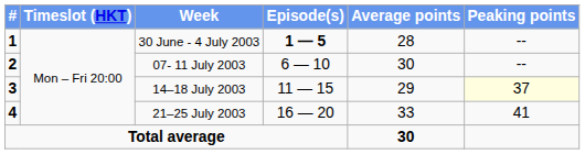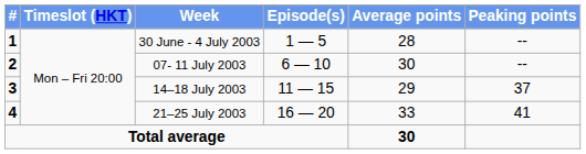 <table class="wikitable" style="text-align:center;">
 <tr style="background:cornflowerblue; color:white" align="center">
 </tr>
 <tr>
 <th style="background:cornflowerblue; color:white" align="center">#</th>
 <th style="background:cornflowerblue; color:white" align="center">Timeslot (<a href='#'>HKT</a>)</th>
 <th style="background:cornflowerblue; color:white" align="center">Week</th>
 <th style="background:cornflowerblue; color:white" align="center">Episode(s)</th>
 <th style="background:cornflowerblue; color:white" align="center">Average points</th>
 <th style="background:cornflowerblue; color:white" align="center">Peaking points</th>
 </tr>
 <tr>
 <td><strong>1</strong></td>
 <td rowspan="4"><small>Mon – Fri 20:00</small></td>
 <td><small>30 June - 4 July 2003</small></td>
-<td><strong>1 — 5</strong></td>
+<td>1 — 5</td>
 <td>28</td>
 <td>--</td>
 </tr>
 <tr>
 <td><strong>2</strong></td>
 <td><small>07- 11 July 2003</small></td>
 <td>6 — 10</td>
 <td>30</td>
 <td>--</td>
 </tr>
 <tr>
 <td><strong>3</strong></td>
 <td><small>14–18 July 2003</small></td>
 <td>11 — 15</td>
 <td>29</td>
-<td style="background: lightyellow;">37</td>
+<td>37</td>
 </tr>
 <tr>
 <td><strong>4</strong></td>
 <td><small>21–25 July 2003</small></td>
 <td>16 — 20</td>
 <td>33</td>
 <td>41</td>
 </tr>
 <tr>
 <td colspan="4"><strong>Total average</strong></td>
 <td><strong>30</strong></td>
 <td></td>
 </tr>
 </table>
